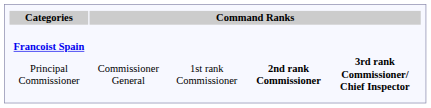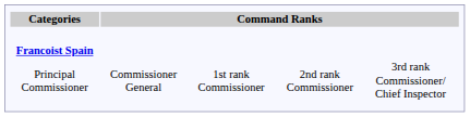 <table style="border:1px solid #8888aa; background-color:#f7f8ff; padding:5px; font-size:95%; margin:0px 12px 12px 0px;">
 <tr>
 </tr>
 <tr bgcolor="#CCCCCC">
 <th><strong>Categories</strong></th>
 <th colspan=5>Command Ranks</th>
 </tr>
 <tr>
 </tr>
 <tr>
 <td align="center" rowspan=2><strong><br><a href='#'>Francoist Spain</a></strong></td>
 <td align="center" colspan=1></td>
 <td align="center" colspan=1></td>
 <td align="center" colspan=1></td>
 <td align="center" colspan=1></td>
 <td align="center" colspan=1></td>
 </tr>
 <tr rowspan="2">
 </tr>
 <tr align="center">
 <td align="center" colspan=1>Principal Commissioner</td>
 <td align="center" colspan=1>Commissioner General</td>
 <td align="center" colspan=1>1st rank Commissioner</td>
-<td align="center" colspan=1><strong>2nd rank Commissioner</strong></td>
-<td align="center" colspan=1><strong>3rd rank Commissioner/<br>Chief Inspector</strong></td>
+<td align="center" colspan=1>2nd rank Commissioner</td>
+<td align="center" colspan=1>3rd rank Commissioner/<br>Chief Inspector</td>
 </tr>
 <tr>
 <td colspan=10></td>
 </tr>
 <tr>
 </tr>
 </table>
